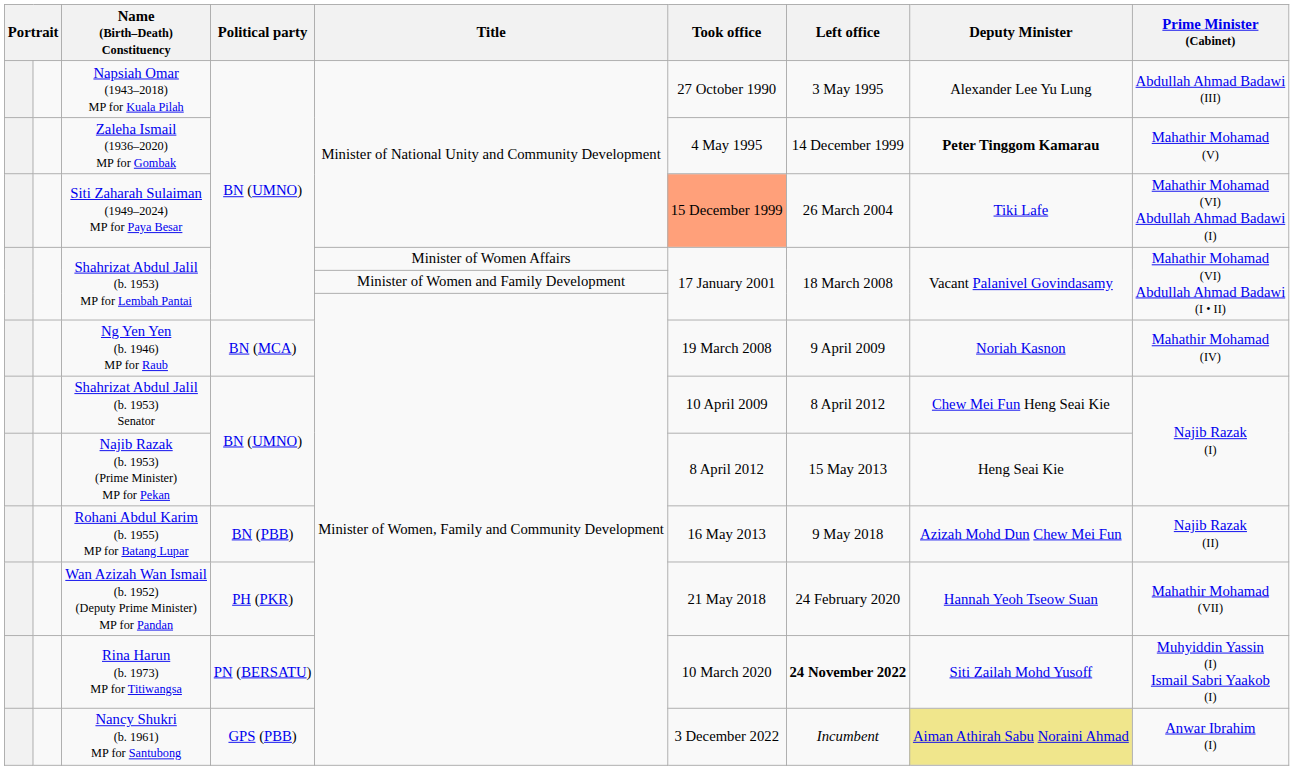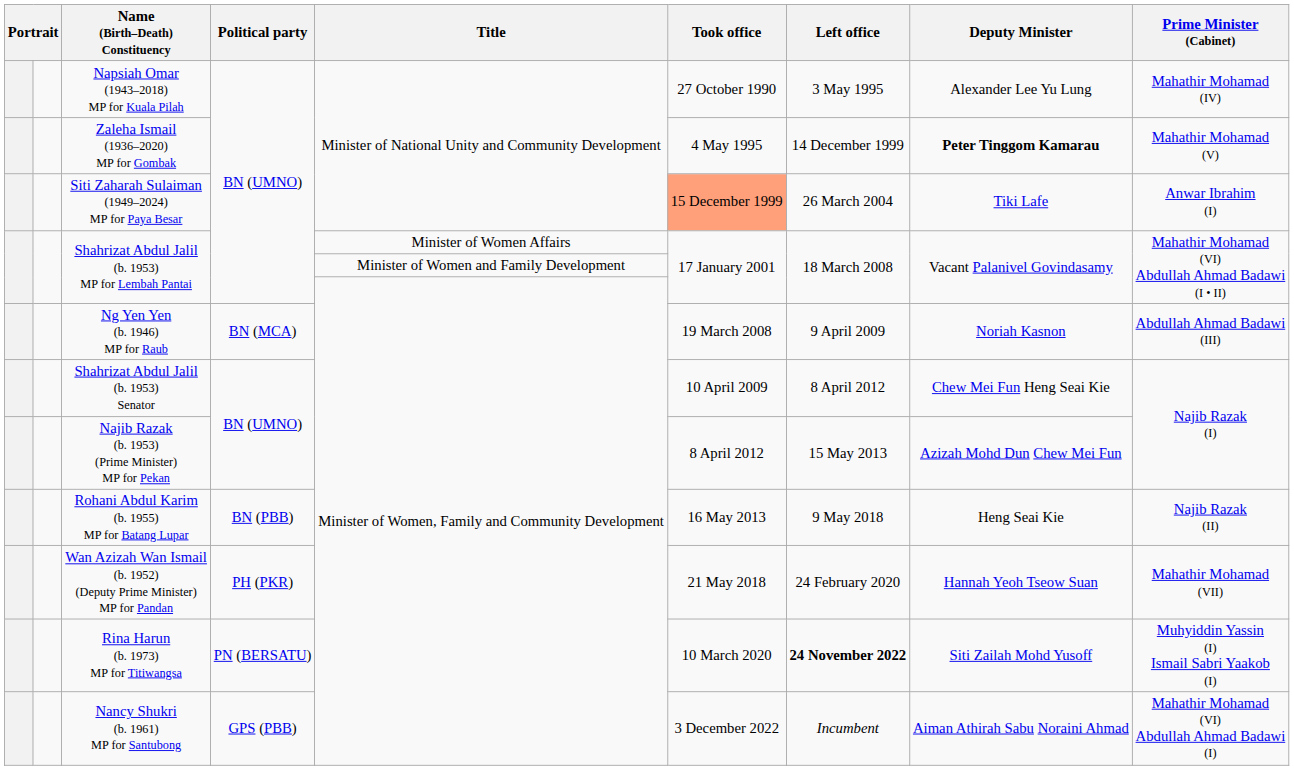 <table class="wikitable" style="text-align:center;">
 <tr>
 <th colspan=2>Portrait</th>
 <th>Name<br><small>(Birth–Death)<br>Constituency</small></th>
 <th>Political party</th>
 <th>Title</th>
 <th>Took office</th>
 <th>Left office</th>
 <th>Deputy Minister</th>
 <th><a href='#'>Prime Minister</a><br><small>(Cabinet)</small></th>
 </tr>
 <tr>
 <th style="background:"></th>
 <td></td>
 <td><a href='#'>Napsiah Omar</a><br><small>(1943–2018)<br>MP for <a href='#'>Kuala Pilah</a></small></td>
 <td rowspan=6><a href='#'>BN</a> (<a href='#'>UMNO</a>)</td>
 <td rowspan=3>Minister of National Unity and Community Development</td>
 <td>27 October 1990</td>
 <td>3 May 1995</td>
 <td>Alexander Lee Yu Lung</td>
-<td><a href='#'>Abdullah Ahmad Badawi</a><br><small>(III)</small></td>
+<td><a href='#'>Mahathir Mohamad</a><br><small>(IV)</small></td>
 </tr>
 <tr>
 <th style="background:"></th>
 <td></td>
 <td><a href='#'>Zaleha Ismail</a><br><small>(1936–2020)<br>MP for <a href='#'>Gombak</a></small></td>
 <td>4 May 1995</td>
 <td>14 December 1999</td>
 <td><strong>Peter Tinggom Kamarau</strong></td>
 <td><a href='#'>Mahathir Mohamad</a><br><small>(V)</small></td>
 </tr>
 <tr>
 <th style="background:"></th>
 <td></td>
 <td><a href='#'>Siti Zaharah Sulaiman</a><br><small>(1949–2024)<br>MP for <a href='#'>Paya Besar</a></small></td>
 <td style="background: lightsalmon;">15 December 1999</td>
 <td>26 March 2004</td>
 <td><a href='#'>Tiki Lafe</a></td>
-<td><a href='#'>Mahathir Mohamad</a><br><small>(VI)</small><br><a href='#'>Abdullah Ahmad Badawi</a><br><small>(I)</small></td>
+<td><a href='#'>Anwar Ibrahim</a><br><small>(I)</small></td>
 </tr>
 <tr>
 <th rowspan=3 style="background:"></th>
 <td rowspan=3></td>
 <td rowspan=3><a href='#'>Shahrizat Abdul Jalil</a><br><small>(b. 1953)<br>MP for <a href='#'>Lembah Pantai</a></small></td>
 <td>Minister of Women Affairs</td>
 <td rowspan=3>17 January 2001</td>
 <td rowspan=3>18 March 2008</td>
 <td rowspan="3">Vacant <a href='#'>Palanivel Govindasamy</a> </td>
 <td rowspan="3"><a href='#'>Mahathir Mohamad</a><br><small>(VI)</small><br><a href='#'>Abdullah Ahmad Badawi</a><br><small>(I • II)</small></td>
 </tr>
 <tr>
 <td>Minister of Women and Family Development</td>
 </tr>
 <tr>
 <td rowspan=8>Minister of Women, Family and Community Development</td>
 </tr>
 <tr>
 <th style="background:"></th>
 <td></td>
 <td><a href='#'>Ng Yen Yen</a><br><small>(b. 1946)<br>MP for <a href='#'>Raub</a></small></td>
 <td><a href='#'>BN</a> (<a href='#'>MCA</a>)</td>
 <td>19 March 2008</td>
 <td>9 April 2009</td>
 <td><a href='#'>Noriah Kasnon</a></td>
-<td><a href='#'>Mahathir Mohamad</a><br><small>(IV)</small></td>
+<td><a href='#'>Abdullah Ahmad Badawi</a><br><small>(III)</small></td>
 </tr>
 <tr>
 <th style="background:"></th>
 <td></td>
 <td><a href='#'>Shahrizat Abdul Jalil</a><br><small>(b. 1953)<br>Senator</small></td>
 <td rowspan=2><a href='#'>BN</a> (<a href='#'>UMNO</a>)</td>
 <td>10 April 2009</td>
 <td>8 April 2012</td>
 <td><a href='#'>Chew Mei Fun</a> Heng Seai Kie </td>
 <td rowspan="2"><a href='#'>Najib Razak</a><br><small>(I)</small></td>
 </tr>
 <tr>
 <th style="background:"></th>
 <td></td>
 <td><a href='#'>Najib Razak</a><br><small>(b. 1953)<br>(Prime Minister) <br> MP for <a href='#'>Pekan</a></small></td>
 <td>8 April 2012</td>
 <td>15 May 2013</td>
-<td>Heng Seai Kie</td>
+<td><a href='#'>Azizah Mohd Dun</a> <a href='#'>Chew Mei Fun</a> </td>
 </tr>
 <tr>
 <th style="background:"></th>
 <td></td>
 <td><a href='#'>Rohani Abdul Karim</a><br><small>(b. 1955)<br>MP for <a href='#'>Batang Lupar</a></small></td>
 <td><a href='#'>BN</a> (<a href='#'>PBB</a>)</td>
 <td>16 May 2013</td>
 <td>9 May 2018</td>
-<td><a href='#'>Azizah Mohd Dun</a> <a href='#'>Chew Mei Fun</a> </td>
+<td>Heng Seai Kie</td>
 <td><a href='#'>Najib Razak</a><br><small>(II)</small></td>
 </tr>
 <tr>
 <th style="background:"></th>
 <td></td>
 <td><a href='#'>Wan Azizah Wan Ismail</a><br><small>(b. 1952)<br>(Deputy Prime Minister) <br>MP for <a href='#'>Pandan</a></small></td>
 <td><a href='#'>PH</a> (<a href='#'>PKR</a>)</td>
 <td>21 May 2018</td>
 <td>24 February 2020</td>
 <td><a href='#'>Hannah Yeoh Tseow Suan</a></td>
 <td><a href='#'>Mahathir Mohamad</a><br><small>(VII)</small></td>
 </tr>
 <tr>
 <th style="background:"></th>
 <td></td>
 <td><a href='#'>Rina Harun</a><br><small>(b. 1973)<br>MP for <a href='#'>Titiwangsa</a></small></td>
 <td><a href='#'>PN</a> (<a href='#'>BERSATU</a>)</td>
 <td>10 March 2020</td>
 <td><strong>24 November 2022</strong></td>
 <td><a href='#'>Siti Zailah Mohd Yusoff</a></td>
 <td><a href='#'>Muhyiddin Yassin</a><br><small>(I)</small><br><a href='#'>Ismail Sabri Yaakob</a><br><small>(I)</small></td>
 </tr>
 <tr>
 <th style="background:"></th>
 <td></td>
 <td><a href='#'>Nancy Shukri</a><br><small>(b. 1961)<br>MP for <a href='#'>Santubong</a></small></td>
 <td><a href='#'>GPS</a> (<a href='#'>PBB</a>)</td>
 <td>3 December 2022</td>
 <td><em>Incumbent</em></td>
-<td style="background: khaki;"><a href='#'>Aiman Athirah Sabu</a> <a href='#'>Noraini Ahmad</a> </td>
-<td><a href='#'>Anwar Ibrahim</a><br><small>(I)</small></td>
+<td><a href='#'>Aiman Athirah Sabu</a> <a href='#'>Noraini Ahmad</a> </td>
+<td><a href='#'>Mahathir Mohamad</a><br><small>(VI)</small><br><a href='#'>Abdullah Ahmad Badawi</a><br><small>(I)</small></td>
 </tr>
 </table>
